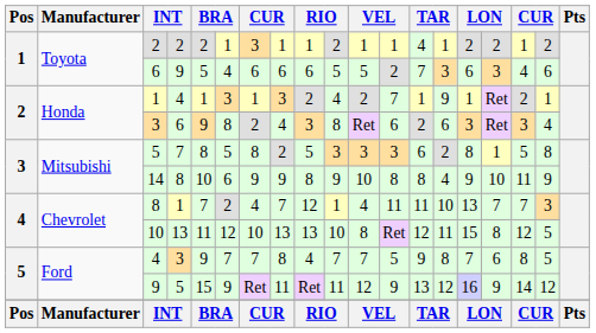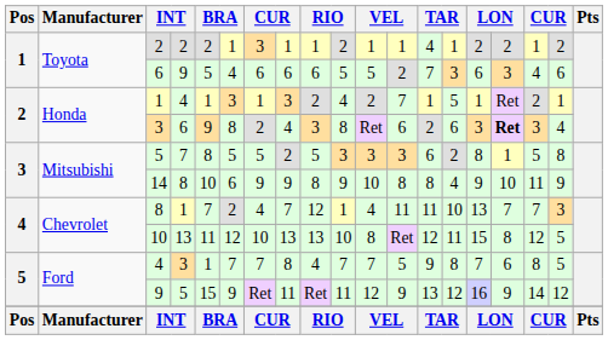 <table align="left"| class="wikitable" style="font-size: 85%; text-align: center">
 <tr valign="top">
 <th valign="middle">Pos</th>
 <th valign="middle">Manufacturer</th>
 <th colspan=2><a href='#'>INT</a></th>
 <th colspan=2><a href='#'>BRA</a></th>
 <th colspan=2><a href='#'>CUR</a></th>
 <th colspan=2><a href='#'>RIO</a></th>
 <th colspan=2><a href='#'>VEL</a></th>
 <th colspan=2><a href='#'>TAR</a></th>
 <th colspan=2><a href='#'>LON</a></th>
 <th colspan=2><a href='#'>CUR</a></th>
 <th valign="middle">Pts</th>
 </tr>
 <tr>
 <th rowspan=2>1</th>
 <td align="left" rowspan=2><a href='#'>Toyota</a></td>
 <td style="background:#DFDFDF;">2</td>
 <td style="background:#DFDFDF;">2</td>
 <td style="background:#DFDFDF;">2</td>
 <td style="background:#FFFFBF;">1</td>
 <td style="background:#ffdf9f;">3</td>
 <td style="background:#FFFFBF;">1</td>
 <td style="background:#FFFFBF;">1</td>
 <td style="background:#DFDFDF;">2</td>
 <td style="background:#FFFFBF;">1</td>
 <td style="background:#FFFFBF;">1</td>
 <td style="background:#dfffdf;">4</td>
 <td style="background:#FFFFBF;">1</td>
 <td style="background:#DFDFDF;">2</td>
 <td style="background:#DFDFDF;">2</td>
 <td style="background:#FFFFBF;">1</td>
 <td style="background:#DFDFDF;">2</td>
 <th rowspan=2></th>
 </tr>
 <tr>
 <td style="background:#dfffdf;">6</td>
 <td style="background:#dfffdf;">9</td>
 <td style="background:#dfffdf;">5</td>
 <td style="background:#dfffdf;">4</td>
 <td style="background:#dfffdf;">6</td>
 <td style="background:#dfffdf;">6</td>
 <td style="background:#dfffdf;">6</td>
 <td style="background:#dfffdf;">5</td>
 <td style="background:#dfffdf;">5</td>
 <td style="background:#DFDFDF;">2</td>
 <td style="background:#dfffdf;">7</td>
 <td style="background:#ffdf9f;">3</td>
 <td style="background:#dfffdf;">6</td>
 <td style="background:#ffdf9f;">3</td>
 <td style="background:#dfffdf;">4</td>
 <td style="background:#dfffdf;">6</td>
 </tr>
 <tr>
 <th rowspan=2>2</th>
 <td align="left" rowspan=2><a href='#'>Honda</a></td>
 <td style="background:#FFFFBF;">1</td>
 <td style="background:#DFFFDF;">4</td>
 <td style="background:#FFFFBF;">1</td>
 <td style="background:#ffdf9f;">3</td>
 <td style="background:#FFFFBF;">1</td>
 <td style="background:#ffdf9f;">3</td>
 <td style="background:#DFDFDF;">2</td>
 <td style="background:#DFFFDF;">4</td>
 <td style="background:#DFDFDF;">2</td>
 <td style="background:#DFFFDF;">7</td>
 <td style="background:#FFFFBF;">1</td>
-<td style="background:#DFFFDF;">9</td>
+<td style="background:#DFFFDF;">5</td>
 <td style="background:#FFFFBF;">1</td>
 <td style="background:#efcfff;">Ret</td>
 <td style="background:#DFDFDF;">2</td>
 <td style="background:#FFFFBF;">1</td>
 <th rowspan=2></th>
 </tr>
 <tr>
 <td style="background:#ffdf9f;">3</td>
 <td style="background:#dfffdf;">6</td>
 <td style="background:#ffdf9f;">9</td>
 <td style="background:#dfffdf;">8</td>
 <td style="background:#DFDFDF;">2</td>
 <td style="background:#dfffdf;">4</td>
 <td style="background:#ffdf9f;">3</td>
 <td style="background:#dfffdf;">8</td>
 <td style="background:#efcfff;">Ret</td>
 <td style="background:#dfffdf;">6</td>
 <td style="background:#DFDFDF;">2</td>
 <td style="background:#DFFFDF;">6</td>
 <td style="background:#ffdf9f;">3</td>
-<td style="background:#efcfff;">Ret</td>
+<td style="background:#efcfff;"><strong>Ret</strong></td>
 <td style="background:#ffdf9f;">3</td>
 <td style="background:#dfffdf;">4</td>
 </tr>
 <tr>
 <th rowspan=2>3</th>
 <td align="left" rowspan=2><a href='#'>Mitsubishi</a></td>
 <td style="background:#dfffdf;">5</td>
 <td style="background:#dfffdf;">7</td>
 <td style="background:#dfffdf;">8</td>
 <td style="background:#dfffdf;">5</td>
-<td style="background:#dfffdf;">8</td>
+<td style="background:#dfffdf;">5</td>
 <td style="background:#DFDFDF;">2</td>
 <td style="background:#dfffdf;">5</td>
 <td style="background:#ffdf9f;">3</td>
 <td style="background:#ffdf9f;">3</td>
 <td style="background:#ffdf9f;">3</td>
 <td style="background:#dfffdf;">6</td>
 <td style="background:#DFDFDF;">2</td>
 <td style="background:#dfffdf;">8</td>
 <td style="background:#FFFFBF;">1</td>
 <td style="background:#dfffdf;">5</td>
 <td style="background:#dfffdf;">8</td>
 <th rowspan=2></th>
 </tr>
 <tr>
 <td style="background:#dfffdf;">14</td>
 <td style="background:#dfffdf;">8</td>
 <td style="background:#dfffdf;">10</td>
 <td style="background:#dfffdf;">6</td>
 <td style="background:#dfffdf;">9</td>
 <td style="background:#dfffdf;">9</td>
 <td style="background:#dfffdf;">8</td>
 <td style="background:#dfffdf;">9</td>
 <td style="background:#dfffdf;">10</td>
 <td style="background:#dfffdf;">8</td>
 <td style="background:#dfffdf;">8</td>
 <td style="background:#dfffdf;">4</td>
 <td style="background:#dfffdf;">9</td>
 <td style="background:#dfffdf;">10</td>
 <td style="background:#dfffdf;">11</td>
 <td style="background:#dfffdf;">9</td>
 </tr>
 <tr>
 <th rowspan=2>4</th>
 <td align="left" rowspan=2><a href='#'>Chevrolet</a></td>
 <td style="background:#dfffdf;">8</td>
 <td style="background:#FFFFBF;">1</td>
 <td style="background:#dfffdf;">7</td>
 <td style="background:#DFDFDF;">2</td>
 <td style="background:#dfffdf;">4</td>
 <td style="background:#dfffdf;">7</td>
 <td style="background:#dfffdf;">12</td>
 <td style="background:#FFFFBF;">1</td>
 <td style="background:#dfffdf;">4</td>
 <td style="background:#dfffdf;">11</td>
 <td style="background:#dfffdf;">11</td>
 <td style="background:#dfffdf;">10</td>
 <td style="background:#dfffdf;">13</td>
 <td style="background:#dfffdf;">7</td>
 <td style="background:#dfffdf;">7</td>
 <td style="background:#ffdf9f;">3</td>
 <th rowspan=2></th>
 </tr>
 <tr>
 <td style="background:#dfffdf;">10</td>
 <td style="background:#dfffdf;">13</td>
 <td style="background:#dfffdf;">11</td>
 <td style="background:#dfffdf;">12</td>
 <td style="background:#dfffdf;">10</td>
 <td style="background:#dfffdf;">13</td>
 <td style="background:#dfffdf;">13</td>
 <td style="background:#dfffdf;">10</td>
 <td style="background:#dfffdf;">8</td>
 <td style="background:#efcfff;">Ret</td>
 <td style="background:#dfffdf;">12</td>
 <td style="background:#dfffdf;">11</td>
 <td style="background:#dfffdf;">15</td>
 <td style="background:#dfffdf;">8</td>
 <td style="background:#dfffdf;">12</td>
 <td style="background:#dfffdf;">5</td>
 </tr>
 <tr>
 <th rowspan=2>5</th>
 <td align="left" rowspan=2><a href='#'>Ford</a></td>
 <td style="background:#DFFFDF;">4</td>
 <td style="background:#ffdf9f;">3</td>
-<td style="background:#DFFFDF;">9</td>
+<td style="background:#DFFFDF;">1</td>
 <td style="background:#DFFFDF;">7</td>
 <td style="background:#DFFFDF;">7</td>
 <td style="background:#DFFFDF;">8</td>
 <td style="background:#DFFFDF;">4</td>
 <td style="background:#DFFFDF;">7</td>
 <td style="background:#DFFFDF;">7</td>
 <td style="background:#DFFFDF;">5</td>
 <td style="background:#DFFFDF;">9</td>
 <td style="background:#DFFFDF;">8</td>
 <td style="background:#DFFFDF;">7</td>
 <td style="background:#DFFFDF;">6</td>
 <td style="background:#DFFFDF;">8</td>
 <td style="background:#DFFFDF;">5</td>
 <th rowspan=2></th>
 </tr>
 <tr>
 <td style="background:#DFFFDF;">9</td>
 <td style="background:#DFFFDF;">5</td>
 <td style="background:#DFFFDF;">15</td>
 <td style="background:#DFFFDF;">9</td>
 <td style="background:#efcfff;">Ret</td>
 <td style="background:#dfffdf;">11</td>
 <td style="background:#efcfff;">Ret</td>
 <td style="background:#dfffdf;">11</td>
 <td style="background:#DFFFDF;">12</td>
 <td style="background:#DFFFDF;">9</td>
 <td style="background:#DFFFDF;">13</td>
 <td style="background:#DFFFDF;">12</td>
 <td style="background:#cfcfff;">16</td>
 <td style="background:#DFFFDF;">9</td>
 <td style="background:#DFFFDF;">14</td>
 <td style="background:#DFFFDF;">12</td>
 </tr>
 <tr>
 </tr>
 <tr valign="top">
 <th valign="middle">Pos</th>
 <th valign="middle">Manufacturer</th>
 <th colspan=2><a href='#'>INT</a></th>
 <th colspan=2><a href='#'>BRA</a></th>
 <th colspan=2><a href='#'>CUR</a></th>
 <th colspan=2><a href='#'>RIO</a></th>
 <th colspan=2><a href='#'>VEL</a></th>
 <th colspan=2><a href='#'>TAR</a></th>
 <th colspan=2><a href='#'>LON</a></th>
 <th colspan=2><a href='#'>CUR</a></th>
 <th valign="middle">Pts</th>
 </tr>
 </table>
